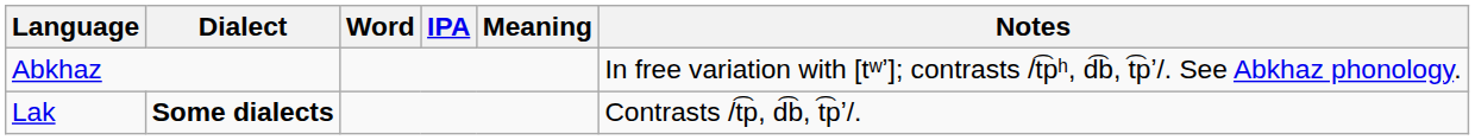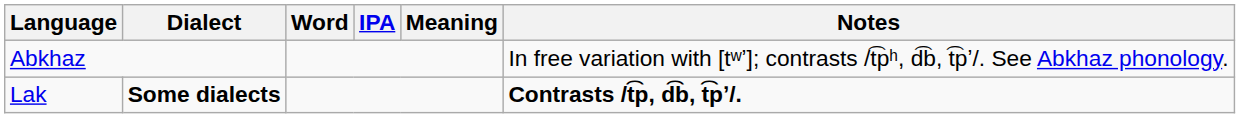 <table class="wikitable">
 <tr>
 <th>Language</th>
 <th>Dialect</th>
 <th>Word</th>
 <th><a href='#'>IPA</a></th>
 <th>Meaning</th>
 <th>Notes</th>
 </tr>
 <tr>
 <td colspan=2><a href='#'>Abkhaz</a></td>
 <td colspan="3"></td>
 <td>In free variation with [tʷʼ]; contrasts /t͡pʰ, d͡b, t͡pʼ/. See <a href='#'>Abkhaz phonology</a>.</td>
 </tr>
 <tr>
 <td><a href='#'>Lak</a></td>
 <td><strong>Some dialects</strong></td>
 <td colspan="3"></td>
-<td>Contrasts /t͡p, d͡b, t͡pʼ/.</td>
+<td><strong>Contrasts /t͡p, d͡b, t͡pʼ/.</strong></td>
 </tr>
 </table>
